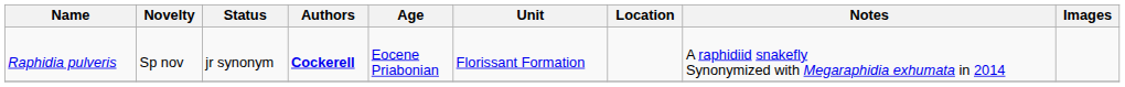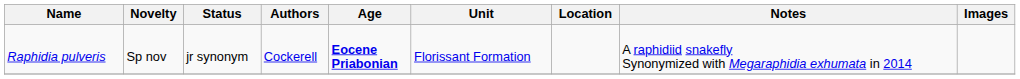 <table class="wikitable sortable" align="center" width="100%">
 <tr>
 <th>Name</th>
 <th>Novelty</th>
 <th>Status</th>
 <th>Authors</th>
 <th>Age</th>
 <th>Unit</th>
 <th>Location</th>
 <th>Notes</th>
 <th>Images</th>
 </tr>
 <tr>
 <td><br><em><a href='#'>Raphidia pulveris</a></em></td>
 <td><br>Sp nov</td>
 <td><br>jr synonym</td>
-<td><strong><br><a href='#'>Cockerell</a></strong></td>
-<td><br><a href='#'>Eocene</a><br><a href='#'>Priabonian</a></td>
+<td><br><a href='#'>Cockerell</a></td>
+<td><strong><br><a href='#'>Eocene</a><br><a href='#'>Priabonian</a></strong></td>
 <td><br><a href='#'>Florissant Formation</a></td>
 <td><br><br></td>
 <td><br>A <a href='#'>raphidiid</a> <a href='#'>snakefly</a><br>Synonymized with <em><a href='#'>Megaraphidia exhumata</a></em> in <a href='#'>2014</a></td>
 <td><br></td>
 </tr>
 <tr>
 </tr>
 </table>
